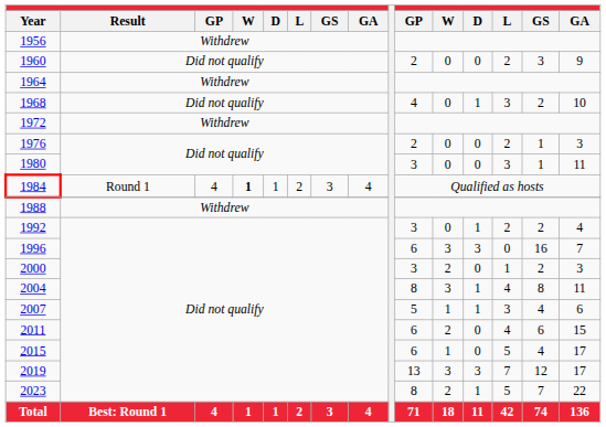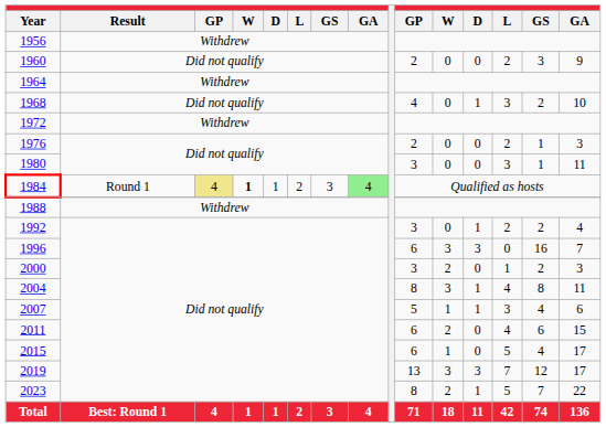 <table class="wikitable" style="text-align: center;">
 <tr>
 <th colspan="8" style="background: #EE2536; color: #FFFFFF;"><a href='#'></a></th>
 <th rowspan="26" style="width:1%;"></th>
 <th colspan="6" style="background: #EE2536; color: #FFFFFF;"><a href='#'></a></th>
 </tr>
 <tr>
 <th>Year</th>
 <th>Result</th>
 <th>GP</th>
 <th>W</th>
 <th>D</th>
 <th>L</th>
 <th>GS</th>
 <th>GA</th>
 <th>GP</th>
 <th>W</th>
 <th>D</th>
 <th>L</th>
 <th>GS</th>
 <th>GA</th>
 </tr>
 <tr>
 <td> <a href='#'>1956</a></td>
 <td rowspan="1" colspan="7"><em>Withdrew</em></td>
 <td rowspan="1" colspan="6"></td>
 </tr>
 <tr>
 <td> <a href='#'>1960</a></td>
 <td rowspan="1" colspan="7"><em>Did not qualify</em></td>
 <td>2</td>
 <td>0</td>
 <td>0</td>
 <td>2</td>
 <td>3</td>
 <td>9</td>
 </tr>
 <tr>
 <td> <a href='#'>1964</a></td>
 <td rowspan="1" colspan="7"><em>Withdrew</em></td>
 <td rowspan="1" colspan="6"></td>
 </tr>
 <tr>
 <td> <a href='#'>1968</a></td>
 <td rowspan="1" colspan="7"><em>Did not qualify</em></td>
 <td>4</td>
 <td>0</td>
 <td>1</td>
 <td>3</td>
 <td>2</td>
 <td>10</td>
 </tr>
 <tr>
 <td> <a href='#'>1972</a></td>
 <td rowspan="1" colspan="7"><em>Withdrew</em></td>
 <td rowspan="1" colspan="6"></td>
 </tr>
 <tr>
 <td> <a href='#'>1976</a></td>
 <td rowspan="2" colspan="7"><em>Did not qualify</em></td>
 <td>2</td>
 <td>0</td>
 <td>0</td>
 <td>2</td>
 <td>1</td>
 <td>3</td>
 </tr>
 <tr>
 <td>  <a href='#'>1980</a></td>
 <td>3</td>
 <td>0</td>
 <td>0</td>
 <td>3</td>
 <td>1</td>
 <td>11</td>
 </tr>
 <tr>
 <td style="border: 3px solid red">  <a href='#'>1984</a></td>
 <td>Round 1</td>
-<td>4</td>
+<td style="background: khaki;">4</td>
 <td><strong>1</strong></td>
 <td>1</td>
 <td>2</td>
 <td>3</td>
-<td>4</td>
+<td style="background: lightgreen;">4</td>
 <td rowspan="1" colspan="6"><em>Qualified as hosts</em></td>
 </tr>
 <tr style="background:gold;">
 </tr>
 <tr>
 <td>  <a href='#'>1988</a></td>
 <td rowspan="1" colspan="7"><em>Withdrew</em></td>
 <td rowspan="1" colspan="6"></td>
 </tr>
 <tr>
 <td> <a href='#'>1992</a></td>
 <td rowspan="9" colspan="7"><em>Did not qualify</em></td>
 <td>3</td>
 <td>0</td>
 <td>1</td>
 <td>2</td>
 <td>2</td>
 <td>4</td>
 </tr>
 <tr>
 <td> <a href='#'>1996</a></td>
 <td>6</td>
 <td>3</td>
 <td>3</td>
 <td>0</td>
 <td>16</td>
 <td>7</td>
 </tr>
 <tr>
 <td> <a href='#'>2000</a></td>
 <td>3</td>
 <td>2</td>
 <td>0</td>
 <td>1</td>
 <td>2</td>
 <td>3</td>
 </tr>
 <tr>
 <td> <a href='#'>2004</a></td>
 <td>8</td>
 <td>3</td>
 <td>1</td>
 <td>4</td>
 <td>8</td>
 <td>11</td>
 </tr>
 <tr>
 <td> <a href='#'>2007</a></td>
 <td>5</td>
 <td>1</td>
 <td>1</td>
 <td>3</td>
 <td>4</td>
 <td>6</td>
 </tr>
 <tr>
 <td> <a href='#'>2011</a></td>
 <td>6</td>
 <td>2</td>
 <td>0</td>
 <td>4</td>
 <td>6</td>
 <td>15</td>
 </tr>
 <tr>
 <td> <a href='#'>2015</a></td>
 <td>6</td>
 <td>1</td>
 <td>0</td>
 <td>5</td>
 <td>4</td>
 <td>17</td>
 </tr>
 <tr>
 <td> <a href='#'>2019</a></td>
 <td>13</td>
 <td>3</td>
 <td>3</td>
 <td>7</td>
 <td>12</td>
 <td>17</td>
 </tr>
 <tr>
 <td> <a href='#'>2023</a></td>
 <td>8</td>
 <td>2</td>
 <td>1</td>
 <td>5</td>
 <td>7</td>
 <td>22</td>
 </tr>
 <tr>
 <td colspan=1 style="background: #EE2536; color: #FFFFFF;"><strong>Total</strong></td>
 <td style="background: #EE2536; color: #FFFFFF;"><strong>Best: Round 1</strong></td>
 <td style="background: #EE2536; color: #FFFFFF;"><strong>4</strong></td>
 <td style="background: #EE2536; color: #FFFFFF;"><strong>1</strong></td>
 <td style="background: #EE2536; color: #FFFFFF;"><strong>1</strong></td>
 <td style="background: #EE2536; color: #FFFFFF;"><strong>2</strong></td>
 <td style="background: #EE2536; color: #FFFFFF;"><strong>3</strong></td>
 <td style="background: #EE2536; color: #FFFFFF;"><strong>4</strong></td>
 <td style="background: #EE2536; color: #FFFFFF;"><strong>71</strong></td>
 <td style="background: #EE2536; color: #FFFFFF;"><strong>18</strong></td>
 <td style="background: #EE2536; color: #FFFFFF;"><strong>11</strong></td>
 <td style="background: #EE2536; color: #FFFFFF;"><strong>42</strong></td>
 <td style="background: #EE2536; color: #FFFFFF;"><strong>74</strong></td>
 <td style="background: #EE2536; color: #FFFFFF;"><strong>136</strong></td>
 </tr>
 </table>
